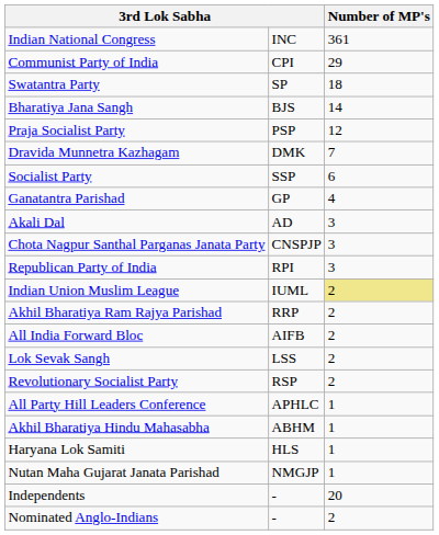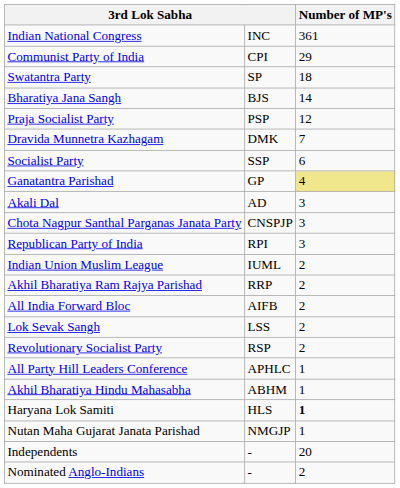 <table class="wikitable">
 <tr>
 <th colspan=2>3rd Lok Sabha <br></th>
 <th>Number of MP's<br></th>
 </tr>
 <tr>
 <td><a href='#'>Indian National Congress</a></td>
 <td>INC</td>
 <td>361</td>
 </tr>
 <tr>
 <td><a href='#'>Communist Party of India</a></td>
 <td>CPI</td>
 <td>29</td>
 </tr>
 <tr>
 <td><a href='#'>Swatantra Party</a></td>
 <td>SP</td>
 <td>18</td>
 </tr>
 <tr>
 <td><a href='#'>Bharatiya Jana Sangh</a></td>
 <td>BJS</td>
 <td>14</td>
 </tr>
 <tr>
 <td><a href='#'>Praja Socialist Party</a></td>
 <td>PSP</td>
 <td>12</td>
 </tr>
 <tr>
 <td><a href='#'>Dravida Munnetra Kazhagam</a></td>
 <td>DMK</td>
 <td>7</td>
 </tr>
 <tr>
 <td><a href='#'>Socialist Party</a></td>
 <td>SSP</td>
 <td>6</td>
 </tr>
 <tr>
 <td><a href='#'>Ganatantra Parishad</a></td>
 <td>GP</td>
-<td>4</td>
+<td style="background: khaki;">4</td>
 </tr>
 <tr>
 <td><a href='#'>Akali Dal</a></td>
 <td>AD</td>
 <td>3</td>
 </tr>
 <tr>
 <td><a href='#'>Chota Nagpur Santhal Parganas Janata Party</a></td>
 <td>CNSPJP</td>
 <td>3</td>
 </tr>
 <tr>
 <td><a href='#'>Republican Party of India</a></td>
 <td>RPI</td>
 <td>3</td>
 </tr>
 <tr>
 <td><a href='#'>Indian Union Muslim League</a></td>
 <td>IUML</td>
-<td style="background: khaki;">2</td>
+<td>2</td>
 </tr>
 <tr>
 <td><a href='#'>Akhil Bharatiya Ram Rajya Parishad</a></td>
 <td>RRP</td>
 <td>2</td>
 </tr>
 <tr>
 <td><a href='#'>All India Forward Bloc</a></td>
 <td>AIFB</td>
 <td>2</td>
 </tr>
 <tr>
 <td><a href='#'>Lok Sevak Sangh</a></td>
 <td>LSS</td>
 <td>2</td>
 </tr>
 <tr>
 <td><a href='#'>Revolutionary Socialist Party</a></td>
 <td>RSP</td>
 <td>2</td>
 </tr>
 <tr>
 <td><a href='#'>All Party Hill Leaders Conference</a></td>
 <td>APHLC</td>
 <td>1</td>
 </tr>
 <tr>
 <td><a href='#'>Akhil Bharatiya Hindu Mahasabha</a></td>
 <td>ABHM</td>
 <td>1</td>
 </tr>
 <tr>
 <td>Haryana Lok Samiti</td>
 <td>HLS</td>
-<td>1</td>
+<td><strong>1</strong></td>
 </tr>
 <tr>
 <td>Nutan Maha Gujarat Janata Parishad</td>
 <td>NMGJP</td>
 <td>1</td>
 </tr>
 <tr>
 <td>Independents</td>
 <td>-</td>
 <td>20</td>
 </tr>
 <tr>
 <td>Nominated <a href='#'>Anglo-Indians</a></td>
 <td>-</td>
 <td>2</td>
 </tr>
 </table>
